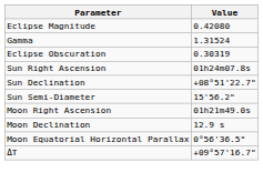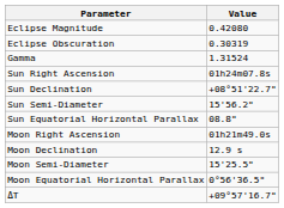 <table class="wikitable">
 <tr>
 <th>Parameter</th>
 <th>Value</th>
 </tr>
 <tr>
 <td>Eclipse Magnitude</td>
 <td>0.42080</td>
 </tr>
 <tr>
+<td>Eclipse Obscuration</td>
+<td>0.30319</td>
+</tr>
+<tr>
 <td>Gamma</td>
 <td>1.31524</td>
-</tr>
-<tr>
-<td>Eclipse Obscuration</td>
-<td>0.30319</td>
 </tr>
 <tr>
 <td>Sun Right Ascension</td>
 <td>01h24m07.8s</td>
 </tr>
 <tr>
 <td>Sun Declination</td>
 <td>+08°51'22.7"</td>
 </tr>
 <tr>
 <td>Sun Semi-Diameter</td>
 <td>15'56.2"</td>
 </tr>
 <tr>
+<td>Sun Equatorial Horizontal Parallax</td>
+<td>08.8"</td>
+</tr>
+<tr>
 <td>Moon Right Ascension</td>
 <td>01h21m49.0s</td>
 </tr>
 <tr>
 <td>Moon Declination</td>
 <td>12.9 s</td>
+</tr>
+<tr>
+<td>Moon Semi-Diameter</td>
+<td>15'25.5"</td>
 </tr>
 <tr>
 <td>Moon Equatorial Horizontal Parallax</td>
 <td>0°56'36.5"</td>
 </tr>
 <tr>
 <td>ΔT</td>
 <td>+09°57'16.7"</td>
 </tr>
 </table>
